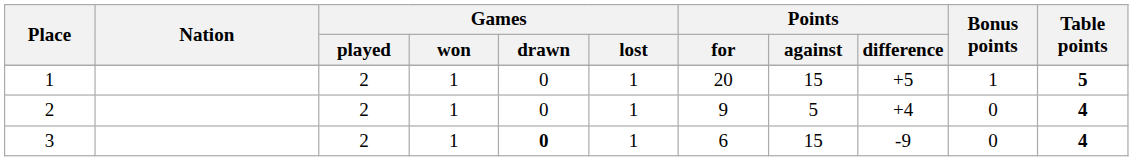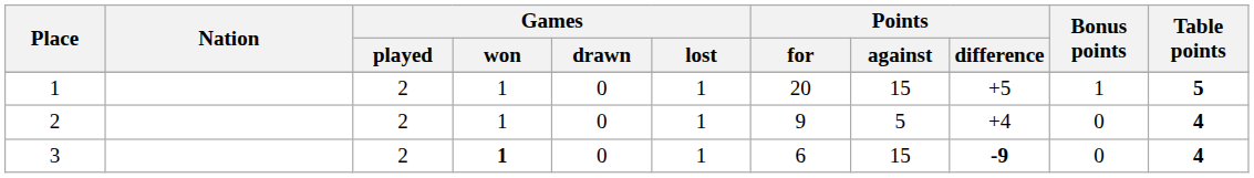 <table class="wikitable">
 <tr>
 <th rowspan=2 width="8%">Place</th>
 <th rowspan=2 width="20%">Nation</th>
 <th colspan=4 width="32%">Games</th>
 <th colspan=3 width="24%">Points</th>
 <th rowspan=2 width="8%">Bonus<br>points</th>
 <th rowspan=2 width="8%">Table<br>points</th>
 </tr>
 <tr>
 <th width="8%">played</th>
 <th width="8%">won</th>
 <th width="8%">drawn</th>
 <th width="8%">lost</th>
 <th width="8%">for</th>
 <th width="8%">against</th>
 <th width="8%">difference</th>
 </tr>
 <tr>
 </tr>
 <tr bgcolor=#ffffff align=center>
 <td>1</td>
 <td align=left></td>
 <td>2</td>
 <td>1</td>
 <td>0</td>
 <td>1</td>
 <td>20</td>
 <td>15</td>
 <td>+5</td>
 <td>1</td>
 <td><strong>5</strong></td>
 </tr>
 <tr bgcolor=#ffffff align=center>
 <td>2</td>
 <td align=left></td>
 <td>2</td>
 <td>1</td>
 <td>0</td>
 <td>1</td>
 <td>9</td>
 <td>5</td>
 <td>+4</td>
 <td>0</td>
 <td><strong>4</strong></td>
 </tr>
 <tr bgcolor=#ffffff align=center>
 <td>3</td>
 <td align=left></td>
 <td>2</td>
-<td>1</td>
-<td><strong>0</strong></td>
+<td><strong>1</strong></td>
+<td>0</td>
 <td>1</td>
 <td>6</td>
 <td>15</td>
-<td>-9</td>
+<td><strong>-9</strong></td>
 <td>0</td>
 <td><strong>4</strong></td>
 </tr>
 </table>
